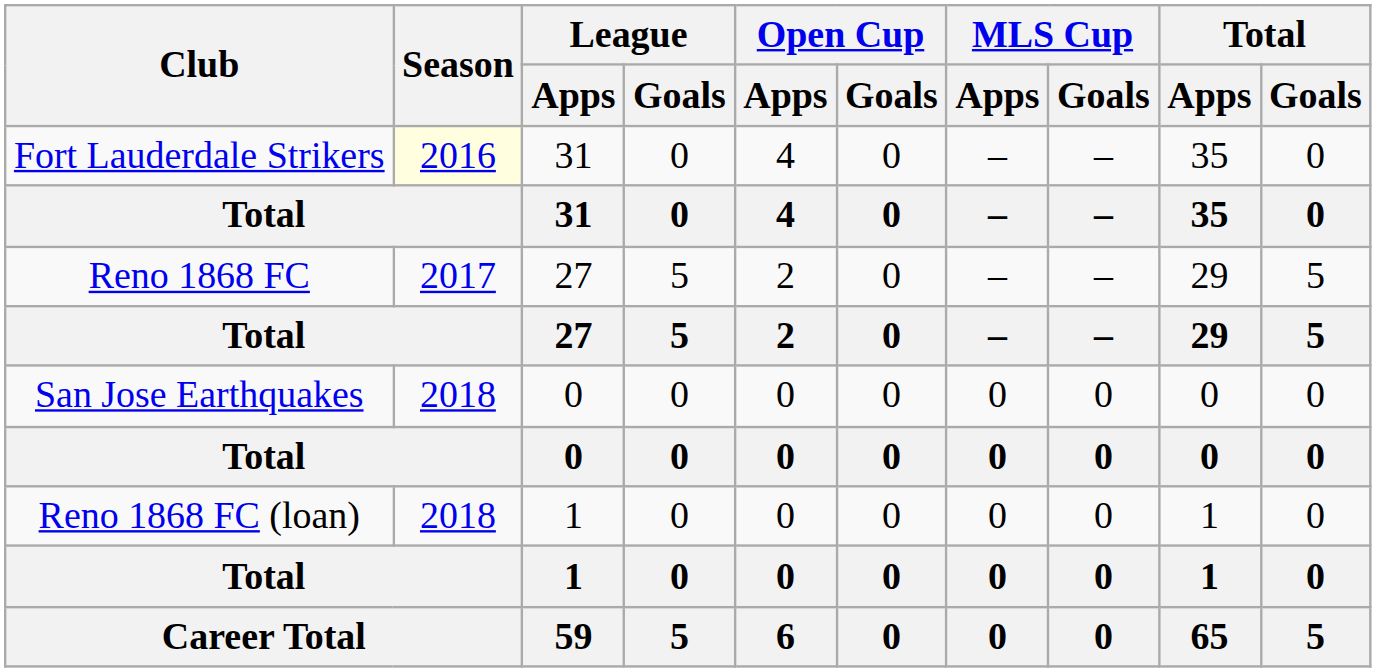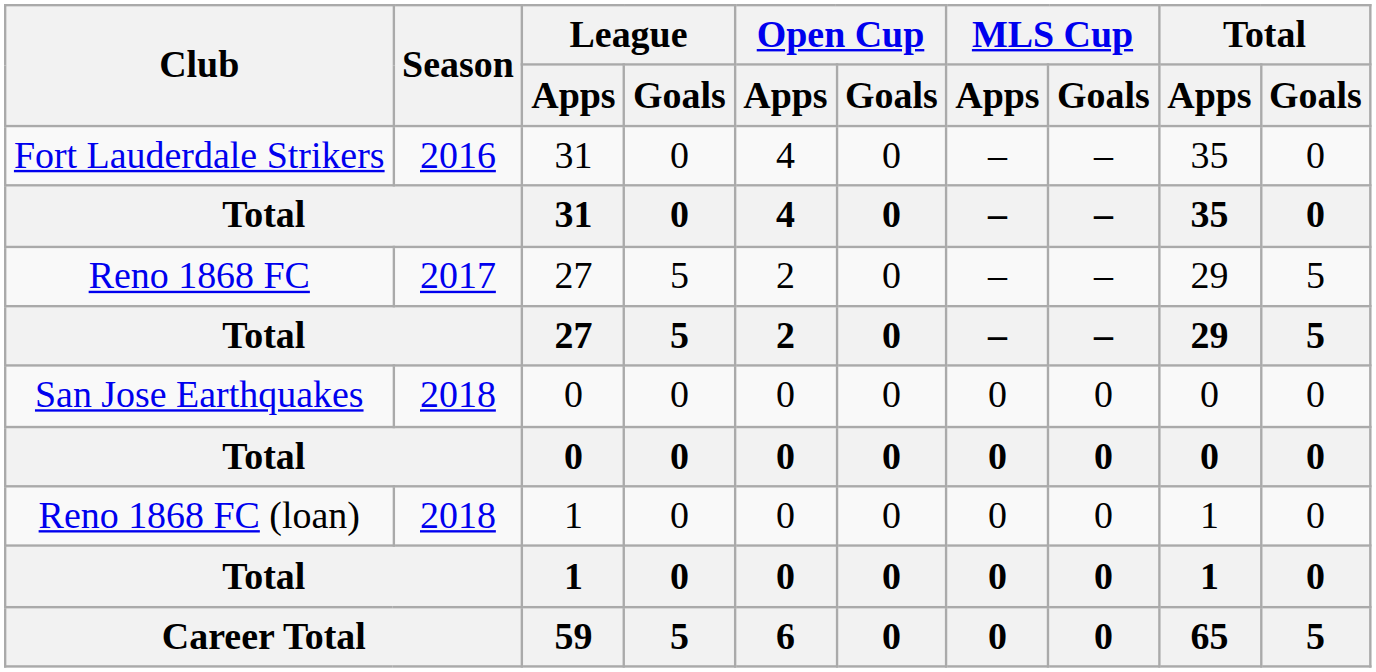 <table class="wikitable" style="text-align:center;">
 <tr>
 <th rowspan="2">Club</th>
 <th rowspan="2">Season</th>
 <th colspan="2">League</th>
 <th colspan="2"><a href='#'>Open Cup</a></th>
 <th colspan="2"><a href='#'>MLS Cup</a></th>
 <th colspan="2">Total</th>
 </tr>
 <tr>
 <th>Apps</th>
 <th>Goals</th>
 <th>Apps</th>
 <th>Goals</th>
 <th>Apps</th>
 <th>Goals</th>
 <th>Apps</th>
 <th>Goals</th>
 </tr>
 <tr>
 <td rowspan="1"><a href='#'>Fort Lauderdale Strikers</a></td>
-<td style="background: lightyellow;"><a href='#'>2016</a></td>
+<td><a href='#'>2016</a></td>
 <td>31</td>
 <td>0</td>
 <td>4</td>
 <td>0</td>
 <td>–</td>
 <td>–</td>
 <td>35</td>
 <td>0</td>
 </tr>
 <tr>
 <th colspan="2">Total</th>
 <th>31</th>
 <th>0</th>
 <th>4</th>
 <th>0</th>
 <th>–</th>
 <th>–</th>
 <th>35</th>
 <th>0</th>
 </tr>
 <tr>
 <td rowspan="1"><a href='#'>Reno 1868 FC</a></td>
 <td><a href='#'>2017</a></td>
 <td>27</td>
 <td>5</td>
 <td>2</td>
 <td>0</td>
 <td>–</td>
 <td>–</td>
 <td>29</td>
 <td>5</td>
 </tr>
 <tr>
 <th colspan="2">Total</th>
 <th>27</th>
 <th>5</th>
 <th>2</th>
 <th>0</th>
 <th>–</th>
 <th>–</th>
 <th>29</th>
 <th>5</th>
 </tr>
 <tr>
 <td rowspan="1"><a href='#'>San Jose Earthquakes</a></td>
 <td><a href='#'>2018</a></td>
 <td>0</td>
 <td>0</td>
 <td>0</td>
 <td>0</td>
 <td>0</td>
 <td>0</td>
 <td>0</td>
 <td>0</td>
 </tr>
 <tr>
 <th colspan="2">Total</th>
 <th>0</th>
 <th>0</th>
 <th>0</th>
 <th>0</th>
 <th>0</th>
 <th>0</th>
 <th>0</th>
 <th>0</th>
 </tr>
 <tr>
 <td rowspan="1"><a href='#'>Reno 1868 FC</a> (loan)</td>
 <td><a href='#'>2018</a></td>
 <td>1</td>
 <td>0</td>
 <td>0</td>
 <td>0</td>
 <td>0</td>
 <td>0</td>
 <td>1</td>
 <td>0</td>
 </tr>
 <tr>
 <th colspan="2">Total</th>
 <th>1</th>
 <th>0</th>
 <th>0</th>
 <th>0</th>
 <th>0</th>
 <th>0</th>
 <th>1</th>
 <th>0</th>
 </tr>
 <tr>
 <th colspan="2">Career Total</th>
 <th>59</th>
 <th>5</th>
 <th>6</th>
 <th>0</th>
 <th>0</th>
 <th>0</th>
 <th>65</th>
 <th>5</th>
 </tr>
 </table>
